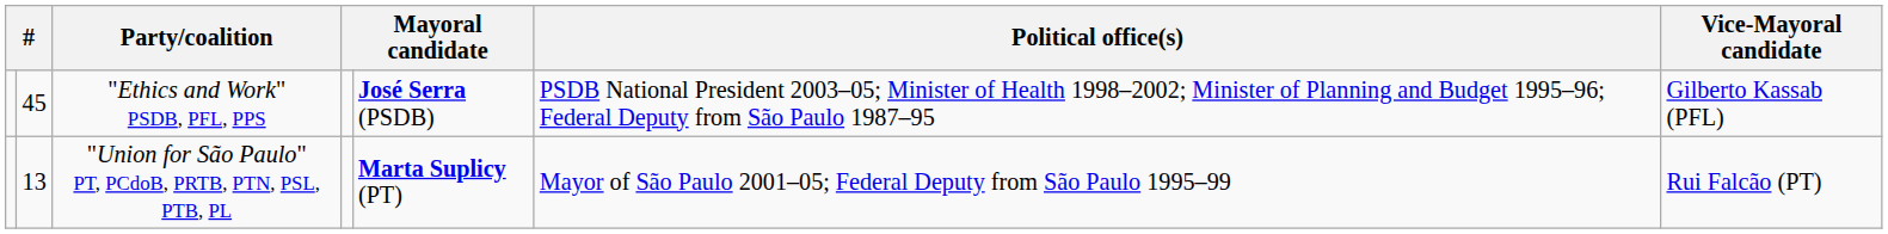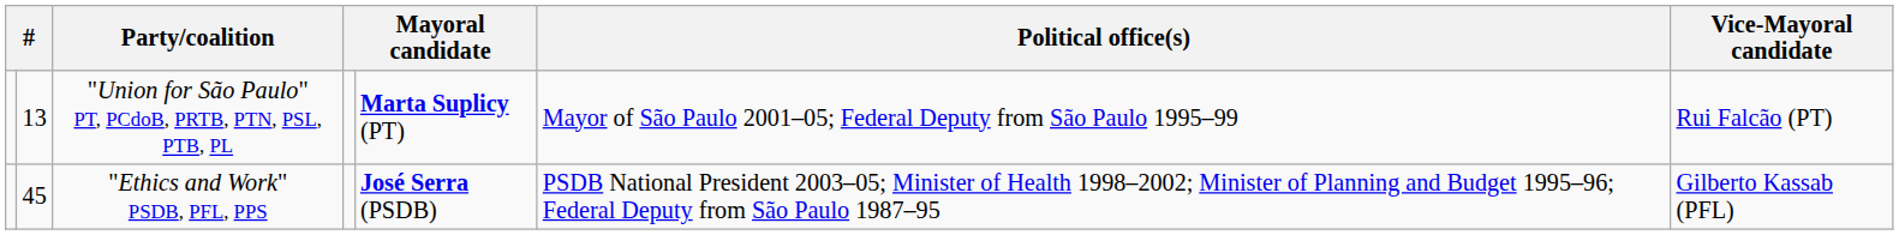 <table class="wikitable">
 <tr>
 <th colspan=2>#</th>
 <th>Party/coalition</th>
 <th colspan=2>Mayoral candidate</th>
 <th>Political office(s)</th>
 <th>Vice-Mayoral candidate</th>
 </tr>
 <tr>
 <td style="background:"></td>
+<td>13</td>
+<td style="text-align:center;">"<em>Union for São Paulo</em>"<br><small><a href='#'>PT</a>, <a href='#'>PCdoB</a>, <a href='#'>PRTB</a>, <a href='#'>PTN</a>, <a href='#'>PSL</a>, <a href='#'>PTB</a>, <a href='#'>PL</a></small></td>
+<td style="text-align:center;"></td>
+<td><strong><a href='#'>Marta Suplicy</a></strong> (PT)</td>
+<td><a href='#'>Mayor</a> of <a href='#'>São Paulo</a> 2001–05; <a href='#'>Federal Deputy</a> from <a href='#'>São Paulo</a> 1995–99</td>
+<td><a href='#'>Rui Falcão</a> (PT)</td>
+</tr>
+<tr>
+<td style="background:"></td>
 <td>45</td>
 <td style="text-align:center;">"<em>Ethics and Work</em>"<br><small><a href='#'>PSDB</a>, <a href='#'>PFL</a>, <a href='#'>PPS</a></small></td>
 <td style="text-align:center;"></td>
 <td><strong><a href='#'>José Serra</a></strong> (PSDB)</td>
 <td><a href='#'>PSDB</a> National President 2003–05; <a href='#'>Minister of Health</a> 1998–2002; <a href='#'>Minister of Planning and Budget</a> 1995–96; <a href='#'>Federal Deputy</a> from <a href='#'>São Paulo</a> 1987–95</td>
 <td><a href='#'>Gilberto Kassab</a> (PFL)</td>
 </tr>
-<tr>
-<td style="background:"></td>
-<td>13</td>
-<td style="text-align:center;">"<em>Union for São Paulo</em>"<br><small><a href='#'>PT</a>, <a href='#'>PCdoB</a>, <a href='#'>PRTB</a>, <a href='#'>PTN</a>, <a href='#'>PSL</a>, <a href='#'>PTB</a>, <a href='#'>PL</a></small></td>
-<td style="text-align:center;"></td>
-<td><strong><a href='#'>Marta Suplicy</a></strong> (PT)</td>
-<td><a href='#'>Mayor</a> of <a href='#'>São Paulo</a> 2001–05; <a href='#'>Federal Deputy</a> from <a href='#'>São Paulo</a> 1995–99</td>
-<td><a href='#'>Rui Falcão</a> (PT)</td>
-</tr>
 </table>
